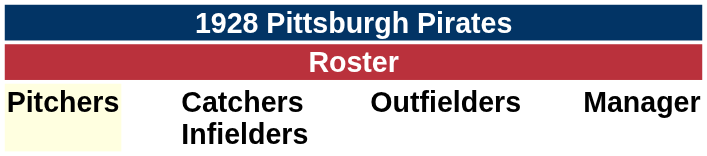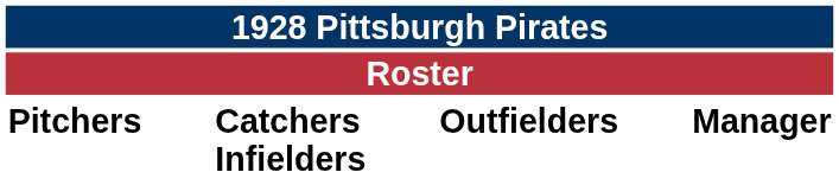 <table class="toccolours" style="font-size: 95%;">
 <tr>
 <th colspan="10" style="background-color: #023465; color: white; text-align: center;">1928 Pittsburgh Pirates</th>
 </tr>
 <tr>
 <td colspan="10" style="background-color: #ba313c; color: white; text-align: center;"><strong>Roster</strong></td>
 </tr>
 <tr>
-<td valign="top" style="background: lightyellow;"><strong>Pitchers</strong><br>             </td>
+<td valign="top"><strong>Pitchers</strong><br>             </td>
 <td width="25px"></td>
 <td valign="top"><strong>Catchers</strong><br>     <strong>Infielders</strong>          </td>
 <td width="25px"></td>
 <td valign="top"><strong>Outfielders</strong><br>     </td>
 <td width="25px"></td>
 <td valign="top"><strong>Manager</strong><br></td>
 </tr>
 </table>
